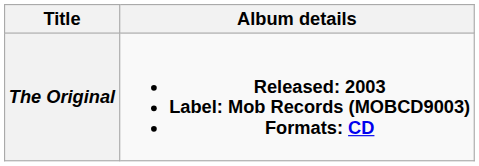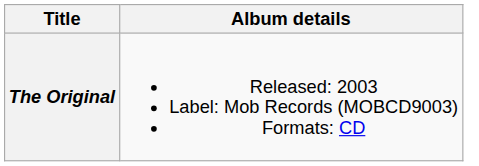 <table class="wikitable plainrowheaders" style="text-align:center;">
 <tr>
 <th>Title</th>
 <th>Album details</th>
 </tr>
 <tr>
 <th scope="row"><em>The Original</em></th>
-<td><strong><br><ul><li>Released: 2003</li><li>Label: Mob Records (MOBCD9003)</li><li>Formats: <a href='#'>CD</a></li></ul></strong></td>
+<td><br><ul><li>Released: 2003</li><li>Label: Mob Records (MOBCD9003)</li><li>Formats: <a href='#'>CD</a></li></ul></td>
 </tr>
 </table>
